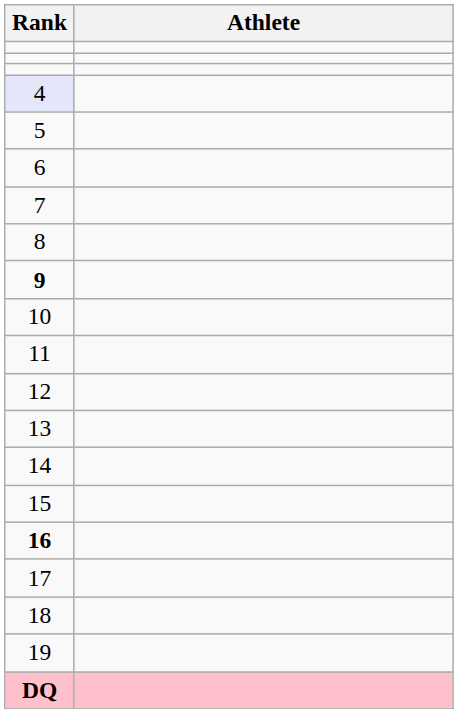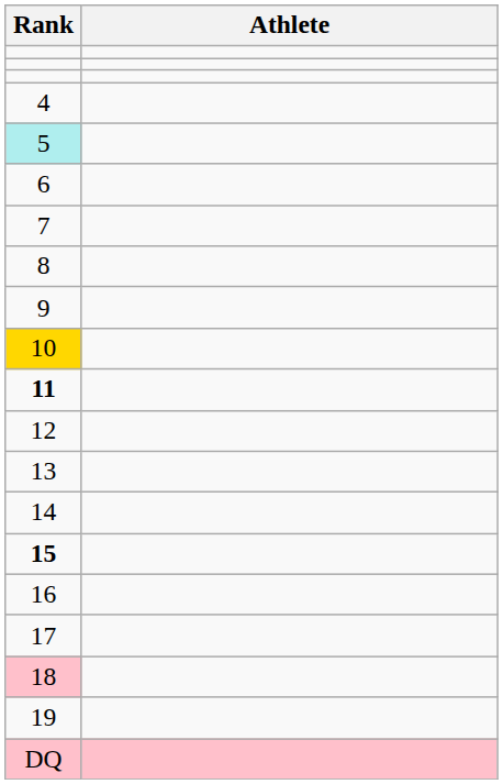 <table class="wikitable" style="text-align: center;">
 <tr>
 <th width=40>Rank</th>
 <th width=250>Athlete</th>
 </tr>
 <tr>
 <td></td>
 <td align="left"></td>
 </tr>
 <tr>
 <td></td>
 <td align="left"></td>
 </tr>
 <tr>
 <td></td>
 <td align="left"></td>
 </tr>
 <tr>
-<td style="background: lavender;">4</td>
+<td>4</td>
 <td align="left"></td>
 </tr>
 <tr>
-<td>5</td>
+<td style="background: paleturquoise;">5</td>
 <td align="left"></td>
 </tr>
 <tr>
 <td>6</td>
 <td align="left"></td>
 </tr>
 <tr>
 <td>7</td>
 <td align="left"></td>
 </tr>
 <tr>
 <td>8</td>
 <td align="left"></td>
 </tr>
 <tr>
-<td><strong>9</strong></td>
+<td>9</td>
 <td align="left"></td>
 </tr>
 <tr>
-<td>10</td>
+<td style="background: gold;">10</td>
 <td align="left"></td>
 </tr>
 <tr>
-<td>11</td>
+<td><strong>11</strong></td>
 <td align="left"></td>
 </tr>
 <tr>
 <td>12</td>
 <td align="left"></td>
 </tr>
 <tr>
 <td>13</td>
 <td align="left"></td>
 </tr>
 <tr>
 <td>14</td>
 <td align="left"></td>
 </tr>
 <tr>
-<td>15</td>
+<td><strong>15</strong></td>
 <td align="left"></td>
 </tr>
 <tr>
-<td><strong>16</strong></td>
+<td>16</td>
 <td align="left"></td>
 </tr>
 <tr>
 <td>17</td>
 <td align="left"></td>
 </tr>
 <tr>
-<td>18</td>
+<td style="background: pink;">18</td>
 <td align="left"></td>
 </tr>
 <tr>
 <td>19</td>
 <td align="left"></td>
 </tr>
 <tr bgcolor=pink>
-<td><strong>DQ</strong></td>
+<td>DQ</td>
 <td align="left"></td>
 </tr>
 </table>
